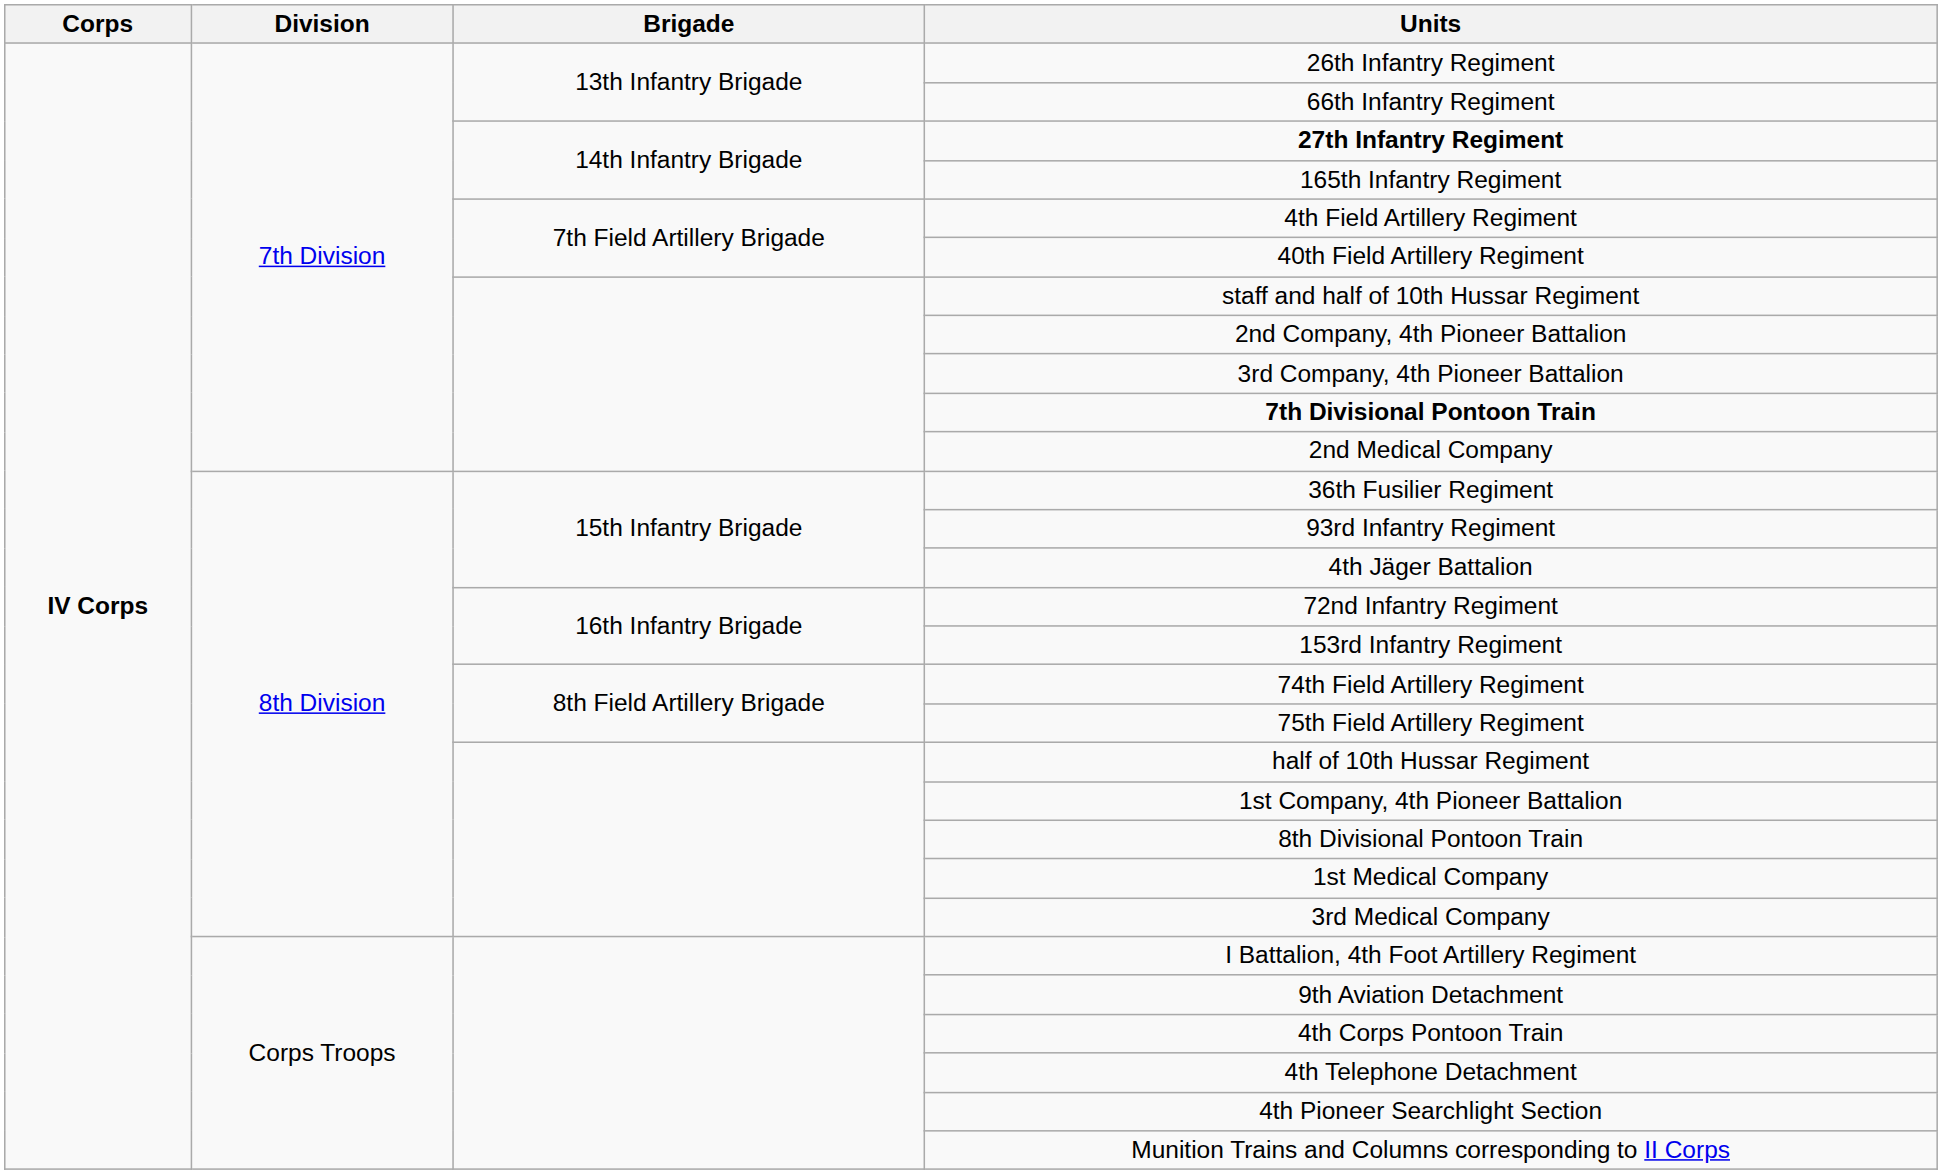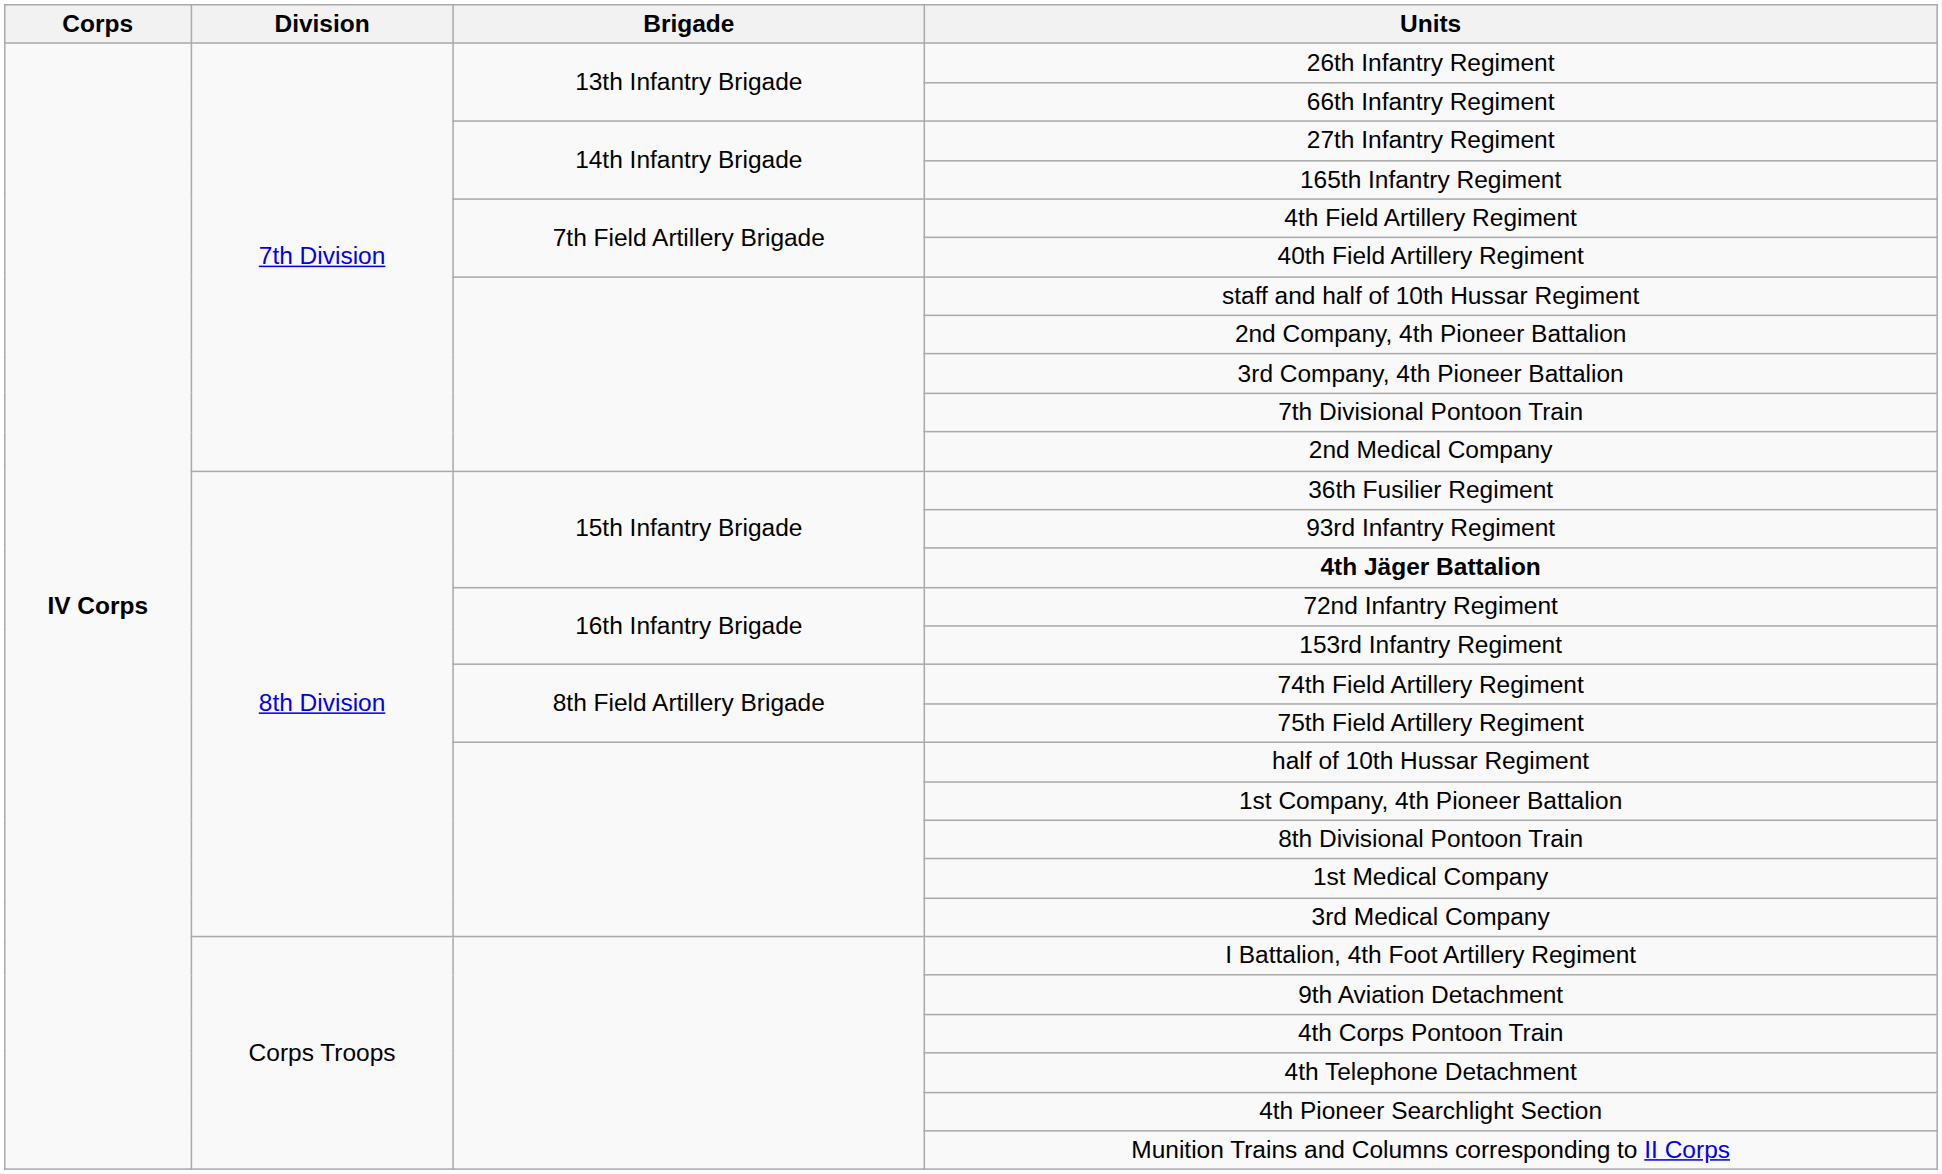 <table class="wikitable collapsible collapsed" style="text-align:center; width:100%;">
 <tr>
 <th>Corps</th>
 <th>Division</th>
 <th>Brigade</th>
 <th>Units</th>
 </tr>
 <tr>
 <td ROWSPAN=29><strong>IV Corps</strong></td>
 <td ROWSPAN=11><a href='#'>7th Division</a></td>
 <td ROWSPAN=2>13th Infantry Brigade</td>
 <td>26th Infantry Regiment</td>
 </tr>
 <tr>
 <td>66th Infantry Regiment</td>
 </tr>
 <tr>
 <td ROWSPAN=2>14th Infantry Brigade</td>
-<td><strong>27th Infantry Regiment</strong></td>
+<td>27th Infantry Regiment</td>
 </tr>
 <tr>
 <td>165th Infantry Regiment</td>
 </tr>
 <tr>
 <td ROWSPAN=2>7th Field Artillery Brigade</td>
 <td>4th Field Artillery Regiment</td>
 </tr>
 <tr>
 <td>40th Field Artillery Regiment</td>
 </tr>
 <tr>
 <td ROWSPAN=5></td>
 <td>staff and half of 10th Hussar Regiment</td>
 </tr>
 <tr>
 <td>2nd Company, 4th Pioneer Battalion</td>
 </tr>
 <tr>
 <td>3rd Company, 4th Pioneer Battalion</td>
 </tr>
 <tr>
-<td><strong>7th Divisional Pontoon Train</strong></td>
+<td>7th Divisional Pontoon Train</td>
 </tr>
 <tr>
 <td>2nd Medical Company</td>
 </tr>
 <tr>
 <td ROWSPAN=12><a href='#'>8th Division</a></td>
 <td ROWSPAN=3>15th Infantry Brigade</td>
 <td>36th Fusilier Regiment</td>
 </tr>
 <tr>
 <td>93rd Infantry Regiment</td>
 </tr>
 <tr>
-<td>4th Jäger Battalion</td>
+<td><strong>4th Jäger Battalion</strong></td>
 </tr>
 <tr>
 <td ROWSPAN=2>16th Infantry Brigade</td>
 <td>72nd Infantry Regiment</td>
 </tr>
 <tr>
 <td>153rd Infantry Regiment</td>
 </tr>
 <tr>
 <td ROWSPAN=2>8th Field Artillery Brigade</td>
 <td>74th Field Artillery Regiment</td>
 </tr>
 <tr>
 <td>75th Field Artillery Regiment</td>
 </tr>
 <tr>
 <td ROWSPAN=5></td>
 <td>half of 10th Hussar Regiment</td>
 </tr>
 <tr>
 <td>1st Company, 4th Pioneer Battalion</td>
 </tr>
 <tr>
 <td>8th Divisional Pontoon Train</td>
 </tr>
 <tr>
 <td>1st Medical Company</td>
 </tr>
 <tr>
 <td>3rd Medical Company</td>
 </tr>
 <tr>
 <td ROWSPAN=6>Corps Troops</td>
 <td ROWSPAN=6></td>
 <td>I Battalion, 4th Foot Artillery Regiment</td>
 </tr>
 <tr>
 <td>9th Aviation Detachment</td>
 </tr>
 <tr>
 <td>4th Corps Pontoon Train</td>
 </tr>
 <tr>
 <td>4th Telephone Detachment</td>
 </tr>
 <tr>
 <td>4th Pioneer Searchlight Section</td>
 </tr>
 <tr>
 <td>Munition Trains and Columns corresponding to <a href='#'>II Corps</a></td>
 </tr>
 </table>
